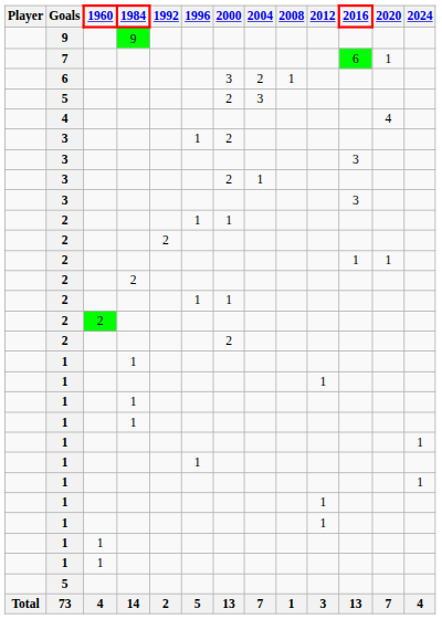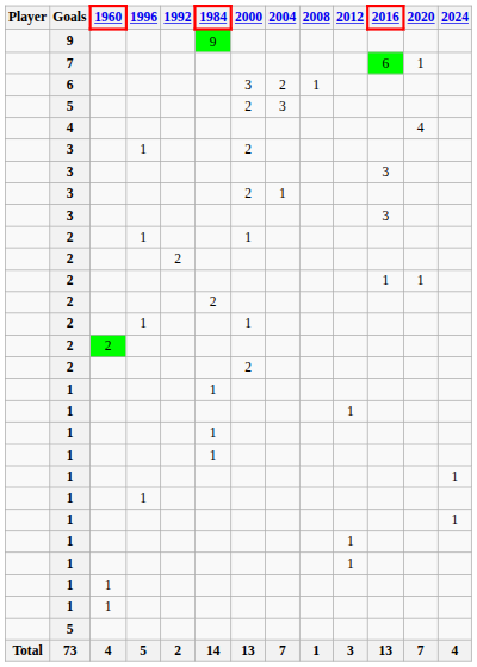 <table class="wikitable sortable" style="text-align:center;">
 <tr>
 <th>Player</th>
 <th>Goals</th>
 <th style="border:3px solid red"><a href='#'>1960</a></th>
+<th><a href='#'>1996</a></th>
+<th><a href='#'>1992</a></th>
 <th style="border:3px solid red"><a href='#'>1984</a></th>
-<th><a href='#'>1992</a></th>
-<th><a href='#'>1996</a></th>
 <th><a href='#'>2000</a></th>
 <th><a href='#'>2004</a></th>
 <th><a href='#'>2008</a></th>
 <th><a href='#'>2012</a></th>
 <th style="border:3px solid red"><a href='#'>2016</a></th>
 <th><a href='#'>2020</a></th>
 <th><a href='#'>2024</a></th>
 </tr>
 <tr>
 <td align="left"></td>
 <th>9</th>
 <td></td>
-<td style="background:#00FF00">9</td>
 <td></td>
 <td></td>
+<td style="background:#00FF00">9</td>
 <td></td>
 <td></td>
 <td></td>
 <td></td>
 <td></td>
 <td></td>
 <td></td>
 </tr>
 <tr>
 <td align="left"></td>
 <th>7</th>
 <td></td>
 <td></td>
 <td></td>
 <td></td>
 <td></td>
 <td></td>
 <td></td>
 <td></td>
 <td style="background:#00FF00">6</td>
 <td>1</td>
 <td></td>
 </tr>
 <tr>
 <td align="left"></td>
 <th>6</th>
 <td></td>
 <td></td>
 <td></td>
 <td></td>
 <td>3</td>
 <td>2</td>
 <td>1</td>
 <td></td>
 <td></td>
 <td></td>
 <td></td>
 </tr>
 <tr>
 <td align="left"></td>
 <th>5</th>
 <td></td>
 <td></td>
 <td></td>
 <td></td>
 <td>2</td>
 <td>3</td>
 <td></td>
 <td></td>
 <td></td>
 <td></td>
 <td></td>
 </tr>
 <tr>
 <td align="left"></td>
 <th>4</th>
 <td></td>
 <td></td>
 <td></td>
 <td></td>
 <td></td>
 <td></td>
 <td></td>
 <td></td>
 <td></td>
 <td>4</td>
 <td></td>
 </tr>
 <tr>
 <td align="left"></td>
 <th>3</th>
 <td></td>
+<td>1</td>
 <td></td>
 <td></td>
-<td>1</td>
 <td>2</td>
 <td></td>
 <td></td>
 <td></td>
 <td></td>
 <td></td>
 <td></td>
 </tr>
 <tr>
 <td align="left"></td>
 <th>3</th>
 <td></td>
 <td></td>
 <td></td>
 <td></td>
 <td></td>
 <td></td>
 <td></td>
 <td></td>
 <td>3</td>
 <td></td>
 <td></td>
 </tr>
 <tr>
 <td align="left"></td>
 <th>3</th>
 <td></td>
 <td></td>
 <td></td>
 <td></td>
 <td>2</td>
 <td>1</td>
 <td></td>
 <td></td>
 <td></td>
 <td></td>
 <td></td>
 </tr>
 <tr>
 <td align="left"></td>
 <th>3</th>
 <td></td>
 <td></td>
 <td></td>
 <td></td>
 <td></td>
 <td></td>
 <td></td>
 <td></td>
 <td>3</td>
 <td></td>
 <td></td>
 </tr>
 <tr>
 <td align="left"></td>
 <th>2</th>
 <td></td>
+<td>1</td>
 <td></td>
 <td></td>
-<td>1</td>
 <td>1</td>
 <td></td>
 <td></td>
 <td></td>
 <td></td>
 <td></td>
 <td></td>
 </tr>
 <tr>
 <td align="left"></td>
 <th>2</th>
 <td></td>
 <td></td>
 <td>2</td>
 <td></td>
 <td></td>
 <td></td>
 <td></td>
 <td></td>
 <td></td>
 <td></td>
 <td></td>
 </tr>
 <tr>
 <td align="left"></td>
 <th>2</th>
 <td></td>
 <td></td>
 <td></td>
 <td></td>
 <td></td>
 <td></td>
 <td></td>
 <td></td>
 <td>1</td>
 <td>1</td>
 <td></td>
 </tr>
 <tr>
 <td align="left"></td>
 <th>2</th>
 <td></td>
-<td>2</td>
 <td></td>
 <td></td>
+<td>2</td>
 <td></td>
 <td></td>
 <td></td>
 <td></td>
 <td></td>
 <td></td>
 <td></td>
 </tr>
 <tr>
 <td align="left"></td>
 <th>2</th>
 <td></td>
+<td>1</td>
 <td></td>
 <td></td>
-<td>1</td>
 <td>1</td>
 <td></td>
 <td></td>
 <td></td>
 <td></td>
 <td></td>
 <td></td>
 </tr>
 <tr>
 <td align="left"></td>
 <th>2</th>
 <td style="background:#00FF00">2</td>
 <td></td>
 <td></td>
 <td></td>
 <td></td>
 <td></td>
 <td></td>
 <td></td>
 <td></td>
 <td></td>
 <td></td>
 </tr>
 <tr>
 <td align="left"></td>
 <th>2</th>
 <td></td>
 <td></td>
 <td></td>
 <td></td>
 <td>2</td>
 <td></td>
 <td></td>
 <td></td>
 <td></td>
 <td></td>
 <td></td>
 </tr>
 <tr>
 <td align="left"></td>
 <th>1</th>
 <td></td>
-<td>1</td>
 <td></td>
 <td></td>
+<td>1</td>
 <td></td>
 <td></td>
 <td></td>
 <td></td>
 <td></td>
 <td></td>
 <td></td>
 </tr>
 <tr>
 <td align="left"></td>
 <th>1</th>
 <td></td>
 <td></td>
 <td></td>
 <td></td>
 <td></td>
 <td></td>
 <td></td>
 <td>1</td>
 <td></td>
 <td></td>
 <td></td>
 </tr>
 <tr>
 <td align="left"></td>
 <th>1</th>
 <td></td>
-<td>1</td>
 <td></td>
 <td></td>
+<td>1</td>
 <td></td>
 <td></td>
 <td></td>
 <td></td>
 <td></td>
 <td></td>
 <td></td>
 </tr>
 <tr>
 <td align="left"></td>
 <th>1</th>
 <td></td>
-<td>1</td>
 <td></td>
 <td></td>
+<td>1</td>
 <td></td>
 <td></td>
 <td></td>
 <td></td>
 <td></td>
 <td></td>
 <td></td>
 </tr>
 <tr>
 <td align="left"></td>
 <th>1</th>
 <td></td>
 <td></td>
 <td></td>
 <td></td>
 <td></td>
 <td></td>
 <td></td>
 <td></td>
 <td></td>
 <td></td>
 <td>1</td>
 </tr>
 <tr>
 <td align="left"></td>
 <th>1</th>
 <td></td>
+<td>1</td>
 <td></td>
 <td></td>
-<td>1</td>
 <td></td>
 <td></td>
 <td></td>
 <td></td>
 <td></td>
 <td></td>
 <td></td>
 </tr>
 <tr>
 <td align="left"></td>
 <th>1</th>
 <td></td>
 <td></td>
 <td></td>
 <td></td>
 <td></td>
 <td></td>
 <td></td>
 <td></td>
 <td></td>
 <td></td>
 <td>1</td>
 </tr>
 <tr>
 <td align="left"></td>
 <th>1</th>
 <td></td>
 <td></td>
 <td></td>
 <td></td>
 <td></td>
 <td></td>
 <td></td>
 <td>1</td>
 <td></td>
 <td></td>
 <td></td>
 </tr>
 <tr>
 <td align="left"></td>
 <th>1</th>
 <td></td>
 <td></td>
 <td></td>
 <td></td>
 <td></td>
 <td></td>
 <td></td>
 <td>1</td>
 <td></td>
 <td></td>
 <td></td>
 </tr>
 <tr>
 <td align="left"></td>
 <th>1</th>
 <td>1</td>
 <td></td>
 <td></td>
 <td></td>
 <td></td>
 <td></td>
 <td></td>
 <td></td>
 <td></td>
 <td></td>
 <td></td>
 </tr>
 <tr>
 <td align="left"></td>
 <th>1</th>
 <td>1</td>
 <td></td>
 <td></td>
 <td></td>
 <td></td>
 <td></td>
 <td></td>
 <td></td>
 <td></td>
 <td></td>
 <td></td>
 </tr>
 <tr>
 <td align="left"></td>
 <th>5</th>
 <td></td>
 <td></td>
 <td></td>
 <td></td>
 <td></td>
 <td></td>
 <td></td>
 <td></td>
 <td></td>
 <td></td>
 <td></td>
 </tr>
 <tr class="sortbottom">
 <th>Total</th>
 <th>73</th>
 <th>4</th>
+<th>5</th>
+<th>2</th>
 <th>14</th>
-<th>2</th>
-<th>5</th>
 <th>13</th>
 <th>7</th>
 <th>1</th>
 <th>3</th>
 <th>13</th>
 <th>7</th>
 <th>4</th>
 </tr>
 </table>
